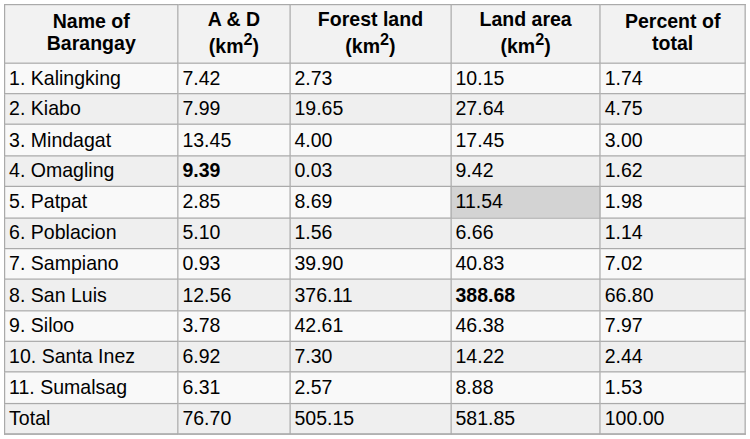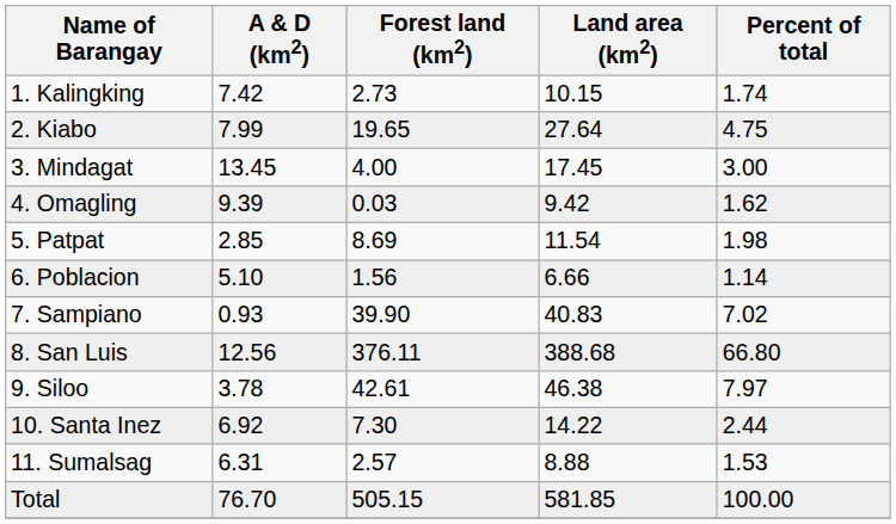 <table class="wikitable">
 <tr>
 <th>Name of Barangay</th>
 <th>A & D (km<sup>2</sup>)</th>
 <th>Forest land (km<sup>2</sup>)</th>
 <th>Land area (km<sup>2</sup>)</th>
 <th>Percent of total</th>
 </tr>
 <tr>
 <td>1. Kalingking</td>
 <td>7.42</td>
 <td>2.73</td>
 <td>10.15</td>
 <td>1.74</td>
 </tr>
 <tr bgcolor="#EFEFEF">
 <td>2. Kiabo</td>
 <td>7.99</td>
 <td>19.65</td>
 <td>27.64</td>
 <td>4.75</td>
 </tr>
 <tr>
 <td>3. Mindagat</td>
 <td>13.45</td>
 <td>4.00</td>
 <td>17.45</td>
 <td>3.00</td>
 </tr>
 <tr bgcolor="#EFEFEF">
 <td>4. Omagling</td>
-<td><strong>9.39</strong></td>
+<td>9.39</td>
 <td>0.03</td>
 <td>9.42</td>
 <td>1.62</td>
 </tr>
 <tr>
 <td>5. Patpat</td>
 <td>2.85</td>
 <td>8.69</td>
-<td style="background: lightgrey;">11.54</td>
+<td>11.54</td>
 <td>1.98</td>
 </tr>
 <tr bgcolor="#EFEFEF">
 <td>6. Poblacion</td>
 <td>5.10</td>
 <td>1.56</td>
 <td>6.66</td>
 <td>1.14</td>
 </tr>
 <tr>
 <td>7. Sampiano</td>
 <td>0.93</td>
 <td>39.90</td>
 <td>40.83</td>
 <td>7.02</td>
 </tr>
 <tr bgcolor="#EFEFEF">
 <td>8. San Luis</td>
 <td>12.56</td>
 <td>376.11</td>
-<td><strong>388.68</strong></td>
+<td>388.68</td>
 <td>66.80</td>
 </tr>
 <tr>
 <td>9. Siloo</td>
 <td>3.78</td>
 <td>42.61</td>
 <td>46.38</td>
 <td>7.97</td>
 </tr>
 <tr bgcolor="#EFEFEF">
 <td>10. Santa Inez</td>
 <td>6.92</td>
 <td>7.30</td>
 <td>14.22</td>
 <td>2.44</td>
 </tr>
 <tr>
 <td>11. Sumalsag</td>
 <td>6.31</td>
 <td>2.57</td>
 <td>8.88</td>
 <td>1.53</td>
 </tr>
 <tr bgcolor="#EFEFEF">
 <td>Total</td>
 <td>76.70</td>
 <td>505.15</td>
 <td>581.85</td>
 <td>100.00</td>
 </tr>
 <tr>
 </tr>
 </table>
